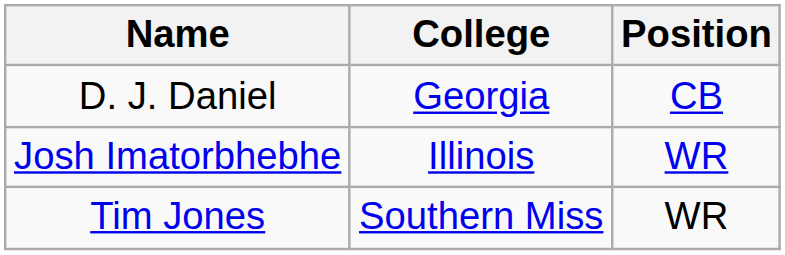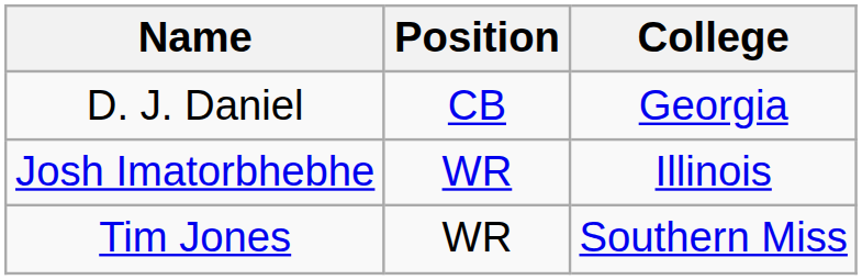 <table class="wikitable" style="text-align:center">
 <tr>
 <th>Name</th>
+<th>Position</th>
 <th>College</th>
-<th>Position</th>
 </tr>
 <tr>
 <td>D. J. Daniel</td>
+<td><a href='#'>CB</a></td>
 <td><a href='#'>Georgia</a></td>
-<td><a href='#'>CB</a></td>
 </tr>
 <tr>
 <td><a href='#'>Josh Imatorbhebhe</a></td>
+<td><a href='#'>WR</a></td>
 <td><a href='#'>Illinois</a></td>
-<td><a href='#'>WR</a></td>
 </tr>
 <tr>
 <td><a href='#'>Tim Jones</a></td>
+<td>WR</td>
 <td><a href='#'>Southern Miss</a></td>
-<td>WR</td>
 </tr>
 </table>
